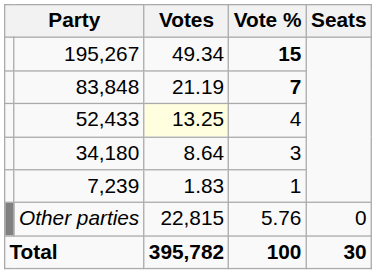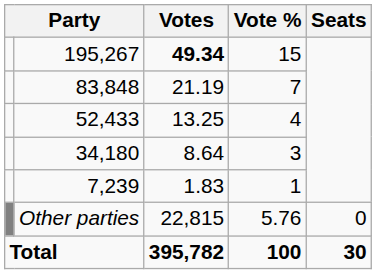 <table class="wikitable" style="text-align:right">
 <tr>
 <th colspan=2>Party</th>
 <th>Votes</th>
 <th>Vote %</th>
 <th>Seats</th>
 </tr>
 <tr>
 <td></td>
 <td>195,267</td>
-<td>49.34</td>
-<td><strong>15</strong></td>
+<td><strong>49.34</strong></td>
+<td>15</td>
 </tr>
 <tr>
 <td></td>
 <td>83,848</td>
 <td>21.19</td>
-<td><strong>7</strong></td>
+<td>7</td>
 </tr>
 <tr>
 <td></td>
 <td>52,433</td>
-<td style="background: lightyellow;">13.25</td>
+<td>13.25</td>
 <td>4</td>
 </tr>
 <tr>
 <td></td>
 <td>34,180</td>
 <td>8.64</td>
 <td>3</td>
 </tr>
 <tr>
 <td></td>
 <td>7,239</td>
 <td>1.83</td>
 <td>1</td>
 </tr>
 <tr>
 <td style="background-color:grey"></td>
 <td style="text-align:left"><em>Other parties</em></td>
 <td>22,815</td>
 <td>5.76</td>
 <td>0</td>
 </tr>
 <tr>
 <td colspan=2 style="text-align:left"><strong>Total</strong></td>
 <td><strong>395,782</strong></td>
 <td><strong>100</strong></td>
 <td><strong>30</strong></td>
 </tr>
 </table>
